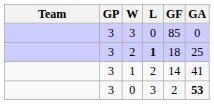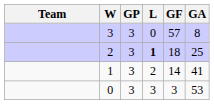 <table class="wikitable" style="text-align:center">
 <tr>
 <th width="120">Team</th>
+<th width="20">W</th>
 <th width="20">GP</th>
-<th width="20">W</th>
 <th width="20">L</th>
 <th width="20">GF</th>
 <th width="20">GA</th>
 </tr>
 <tr bgcolor="#ccccff">
 <td align=left></td>
 <td>3</td>
 <td>3</td>
 <td>0</td>
-<td>85</td>
-<td>0</td>
+<td>57</td>
+<td>8</td>
 </tr>
 <tr bgcolor="ccccff">
 <td align=left></td>
+<td>2</td>
 <td>3</td>
-<td>2</td>
 <td><strong>1</strong></td>
 <td>18</td>
 <td>25</td>
 </tr>
 <tr>
 <td align=left></td>
+<td>1</td>
 <td>3</td>
-<td>1</td>
 <td>2</td>
 <td>14</td>
 <td>41</td>
 </tr>
 <tr>
 <td align=left></td>
-<td>3</td>
 <td>0</td>
 <td>3</td>
-<td>2</td>
-<td><strong>53</strong></td>
+<td>3</td>
+<td>3</td>
+<td>53</td>
 </tr>
 </table>
